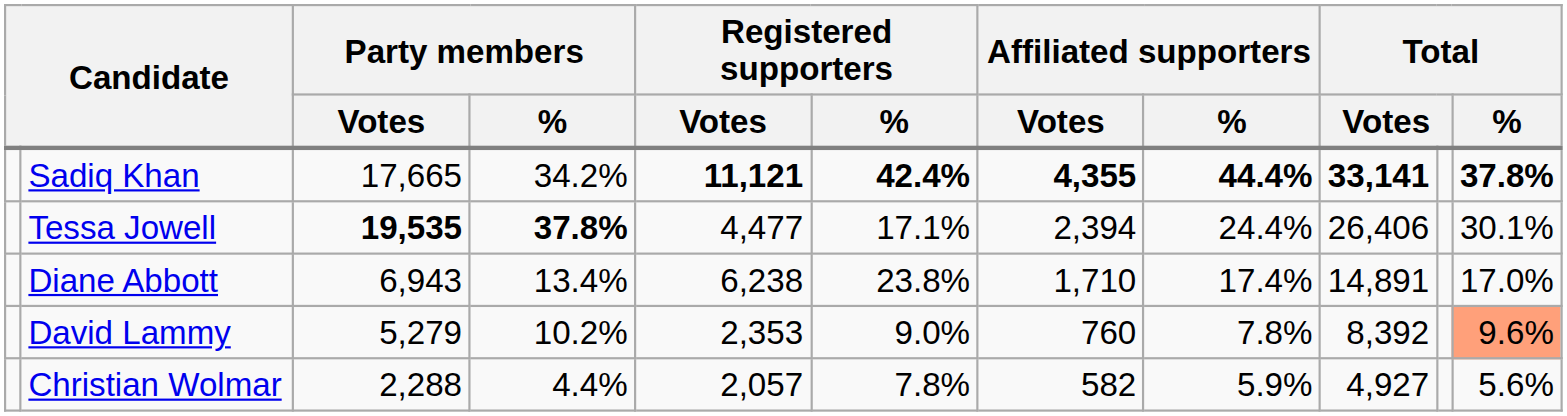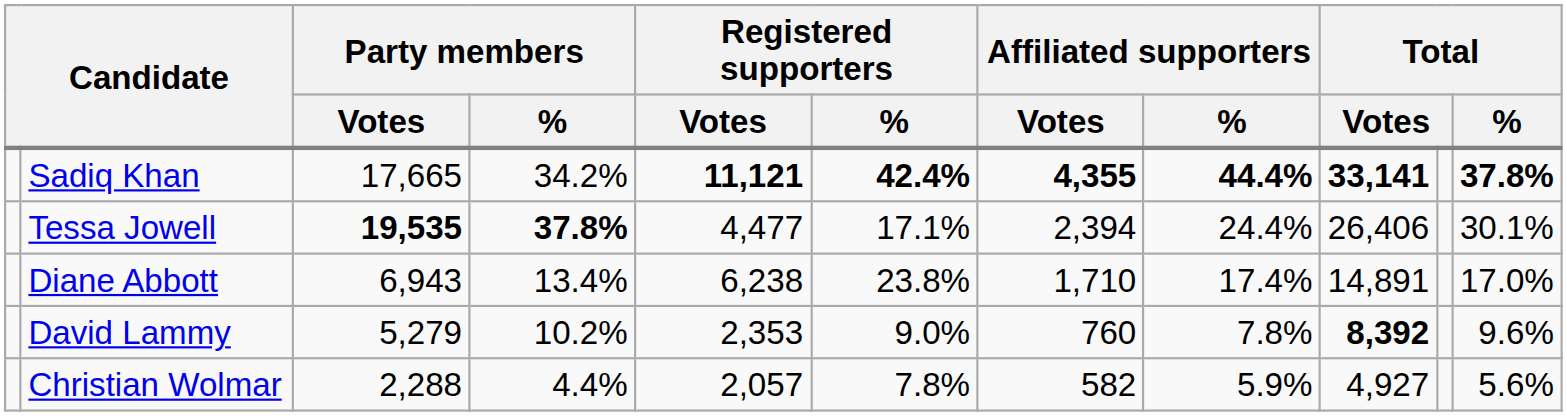 <table class="wikitable" style="font-size: 95%;">
 <tr>
 <th colspan="2" scope="col" rowspan="2" width="125">Candidate</th>
 <th scope="col" colspan="2" width="150">Party members</th>
 <th scope="col" colspan="2" width="150">Registered supporters</th>
 <th scope="col" colspan="2" width="150">Affiliated supporters</th>
 <th scope="col" colspan="3" width="75">Total</th>
 </tr>
 <tr style="background-color:#E9E9E9; border-bottom: 2px solid gray;">
 <th>Votes</th>
 <th>%</th>
 <th>Votes</th>
 <th>%</th>
 <th>Votes</th>
 <th>%</th>
 <th scope="col" colspan="2">Votes</th>
 <th>%</th>
 </tr>
 <tr align="right">
 <td style="background-color: "></td>
 <td scope="row" align="left"><a href='#'>Sadiq Khan</a></td>
 <td>17,665</td>
 <td>34.2%</td>
 <td><strong>11,121</strong></td>
 <td><strong>42.4%</strong></td>
 <td><strong>4,355</strong></td>
 <td><strong>44.4%</strong></td>
 <td><strong>33,141</strong></td>
 <td align=center></td>
 <td><strong>37.8%</strong></td>
 </tr>
 <tr align="right">
 <td style="background-color: "></td>
 <td scope="row" align="left"><a href='#'>Tessa Jowell</a></td>
 <td><strong>19,535</strong></td>
 <td><strong>37.8%</strong></td>
 <td>4,477</td>
 <td>17.1%</td>
 <td>2,394</td>
 <td>24.4%</td>
 <td>26,406</td>
 <td align=center></td>
 <td>30.1%</td>
 </tr>
 <tr align="right">
 <td style="background-color: "></td>
 <td scope="row" align="left"><a href='#'>Diane Abbott</a></td>
 <td>6,943</td>
 <td>13.4%</td>
 <td>6,238</td>
 <td>23.8%</td>
 <td>1,710</td>
 <td>17.4%</td>
 <td>14,891</td>
 <td align=center></td>
 <td>17.0%</td>
 </tr>
 <tr align="right">
 <td style="background-color: "></td>
 <td scope="row" align="left"><a href='#'>David Lammy</a></td>
 <td>5,279</td>
 <td>10.2%</td>
 <td>2,353</td>
 <td>9.0%</td>
 <td>760</td>
 <td>7.8%</td>
-<td>8,392</td>
+<td><strong>8,392</strong></td>
 <td align=center></td>
-<td style="background: lightsalmon;">9.6%</td>
+<td>9.6%</td>
 </tr>
 <tr align="right">
 <td style="background-color: "></td>
 <td scope="row" align="left"><a href='#'>Christian Wolmar</a></td>
 <td>2,288</td>
 <td>4.4%</td>
 <td>2,057</td>
 <td>7.8%</td>
 <td>582</td>
 <td>5.9%</td>
 <td>4,927</td>
 <td align=center></td>
 <td>5.6%</td>
 </tr>
 </table>
